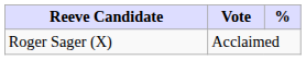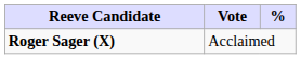 <table class="wikitable">
 <tr>
 <th style="background:#ddf; width:200px;">Reeve Candidate</th>
 <th style="background:#ddf; width:50px;">Vote</th>
 <th style="background:#ddf; width:30px;">%</th>
 </tr>
 <tr>
-<td>Roger Sager (X)</td>
+<td><strong>Roger Sager (X)</strong></td>
 <td colspan="2">Acclaimed</td>
 </tr>
 </table>
